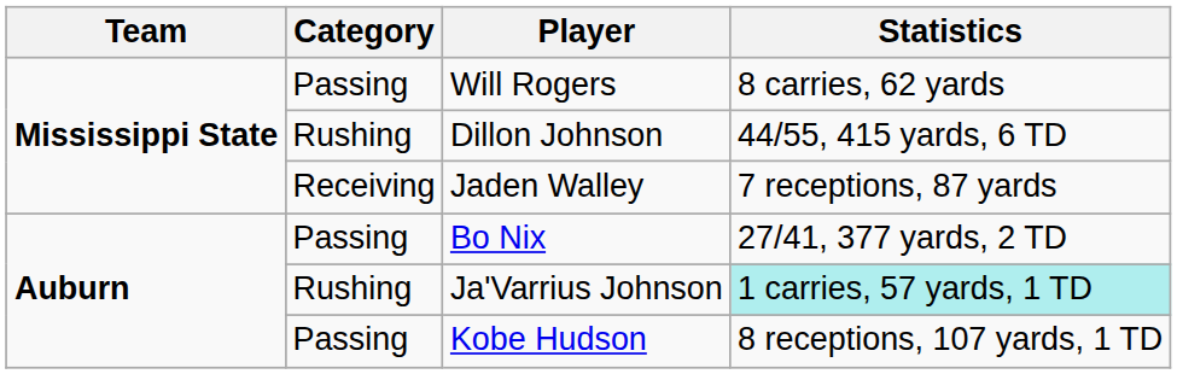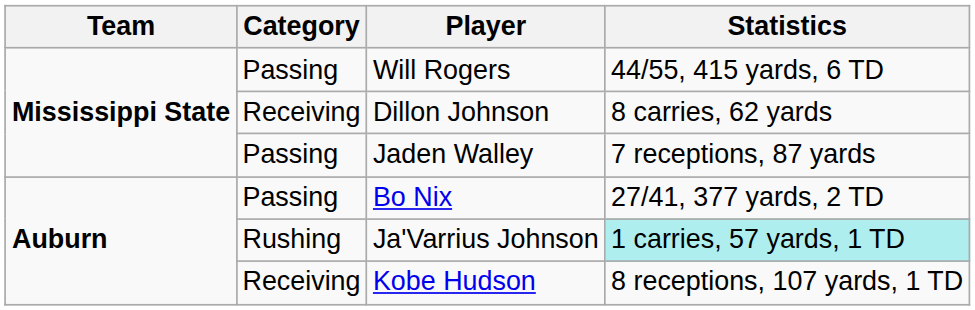 <table class="wikitable" style="float: right;">
 <tr>
 <th>Team</th>
 <th>Category</th>
 <th>Player</th>
 <th>Statistics</th>
 </tr>
 <tr>
 <td rowspan=3><strong>Mississippi State</strong></td>
 <td>Passing</td>
 <td>Will Rogers</td>
-<td>8 carries, 62 yards</td>
-</tr>
-<tr>
-<td>Rushing</td>
-<td>Dillon Johnson</td>
 <td>44/55, 415 yards, 6 TD</td>
 </tr>
 <tr>
 <td>Receiving</td>
+<td>Dillon Johnson</td>
+<td>8 carries, 62 yards</td>
+</tr>
+<tr>
+<td>Passing</td>
 <td>Jaden Walley</td>
 <td>7 receptions, 87 yards</td>
 </tr>
 <tr>
 <td rowspan=3><strong>Auburn</strong></td>
 <td>Passing</td>
 <td><a href='#'>Bo Nix</a></td>
 <td>27/41, 377 yards, 2 TD</td>
 </tr>
 <tr>
 <td>Rushing</td>
 <td>Ja'Varrius Johnson</td>
 <td style="background: paleturquoise;">1 carries, 57 yards, 1 TD</td>
 </tr>
 <tr>
-<td>Passing</td>
+<td>Receiving</td>
 <td><a href='#'>Kobe Hudson</a></td>
 <td>8 receptions, 107 yards, 1 TD</td>
 </tr>
 </table>
